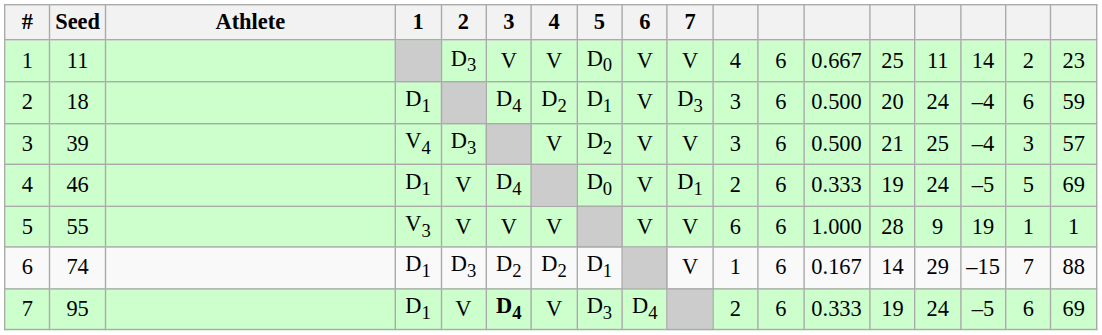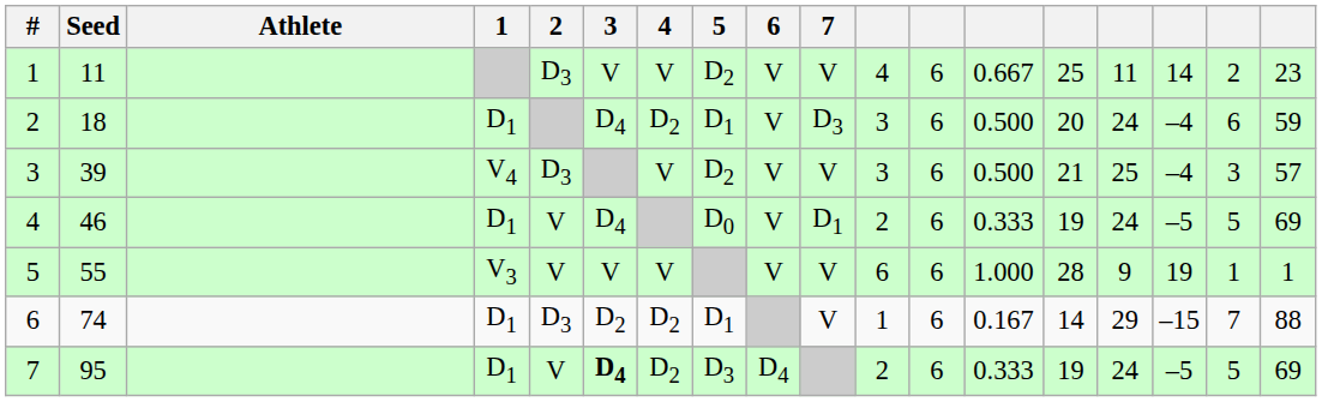 <table class="wikitable" style="text-align:center">
 <tr>
 <th width="25">#</th>
 <th width="25">Seed</th>
 <th width="200">Athlete</th>
 <th width="25">1</th>
 <th width="25">2</th>
 <th width="25">3</th>
 <th width="25">4</th>
 <th width="25">5</th>
 <th width="25">6</th>
 <th width="25">7</th>
 <th width="25"></th>
 <th width="25"></th>
 <th width="40"></th>
 <th width="25"></th>
 <th width="25"></th>
 <th width="25"></th>
 <th width="25"></th>
 <th width="25"></th>
 </tr>
 <tr bgcolor="ccffcc">
 <td>1</td>
 <td>11</td>
 <td align=left></td>
 <td bgcolor="#cccccc"></td>
 <td>D<sub>3</sub></td>
 <td>V</td>
 <td>V</td>
-<td>D<sub>0</sub></td>
+<td>D<sub>2</sub></td>
 <td>V</td>
 <td>V</td>
 <td>4</td>
 <td>6</td>
 <td>0.667</td>
 <td>25</td>
 <td>11</td>
 <td>14</td>
 <td>2</td>
 <td>23</td>
 </tr>
 <tr bgcolor="ccffcc">
 <td>2</td>
 <td>18</td>
 <td align=left></td>
 <td>D<sub>1</sub></td>
 <td bgcolor="#cccccc"></td>
 <td>D<sub>4</sub></td>
 <td>D<sub>2</sub></td>
 <td>D<sub>1</sub></td>
 <td>V</td>
 <td>D<sub>3</sub></td>
 <td>3</td>
 <td>6</td>
 <td>0.500</td>
 <td>20</td>
 <td>24</td>
 <td>–4</td>
 <td>6</td>
 <td>59</td>
 </tr>
 <tr bgcolor="ccffcc">
 <td>3</td>
 <td>39</td>
 <td align=left></td>
 <td>V<sub>4</sub></td>
 <td>D<sub>3</sub></td>
 <td bgcolor="#cccccc"></td>
 <td>V</td>
 <td>D<sub>2</sub></td>
 <td>V</td>
 <td>V</td>
 <td>3</td>
 <td>6</td>
 <td>0.500</td>
 <td>21</td>
 <td>25</td>
 <td>–4</td>
 <td>3</td>
 <td>57</td>
 </tr>
 <tr bgcolor="ccffcc">
 <td>4</td>
 <td>46</td>
 <td align=left></td>
 <td>D<sub>1</sub></td>
 <td>V</td>
 <td>D<sub>4</sub></td>
 <td bgcolor="#cccccc"></td>
 <td>D<sub>0</sub></td>
 <td>V</td>
 <td>D<sub>1</sub></td>
 <td>2</td>
 <td>6</td>
 <td>0.333</td>
 <td>19</td>
 <td>24</td>
 <td>–5</td>
 <td>5</td>
 <td>69</td>
 </tr>
 <tr bgcolor="ccffcc">
 <td>5</td>
 <td>55</td>
 <td align=left></td>
 <td>V<sub>3</sub></td>
 <td>V</td>
 <td>V</td>
 <td>V</td>
 <td bgcolor="#cccccc"></td>
 <td>V</td>
 <td>V</td>
 <td>6</td>
 <td>6</td>
 <td>1.000</td>
 <td>28</td>
 <td>9</td>
 <td>19</td>
 <td>1</td>
 <td>1</td>
 </tr>
 <tr>
 <td>6</td>
 <td>74</td>
 <td align=left></td>
 <td>D<sub>1</sub></td>
 <td>D<sub>3</sub></td>
 <td>D<sub>2</sub></td>
 <td>D<sub>2</sub></td>
 <td>D<sub>1</sub></td>
 <td bgcolor="#cccccc"></td>
 <td>V</td>
 <td>1</td>
 <td>6</td>
 <td>0.167</td>
 <td>14</td>
 <td>29</td>
 <td>–15</td>
 <td>7</td>
 <td>88</td>
 </tr>
 <tr bgcolor="ccffcc">
 <td>7</td>
 <td>95</td>
 <td align=left></td>
 <td>D<sub>1</sub></td>
 <td>V</td>
 <td><strong>D<sub>4</sub></strong></td>
-<td>V</td>
+<td>D<sub>2</sub></td>
 <td>D<sub>3</sub></td>
 <td>D<sub>4</sub></td>
 <td bgcolor="#cccccc"></td>
 <td>2</td>
 <td>6</td>
 <td>0.333</td>
 <td>19</td>
 <td>24</td>
 <td>–5</td>
-<td>6</td>
+<td>5</td>
 <td>69</td>
 </tr>
 </table>
